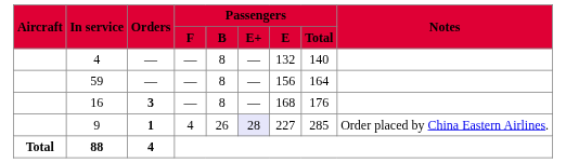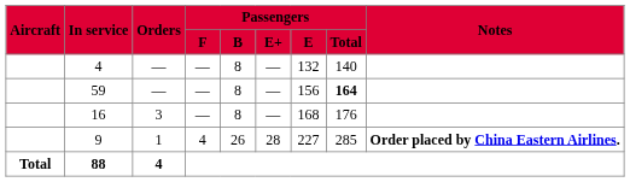 <table class="toccolours" border="1" cellpadding="4" style="border-collapse:collapse;text-align:center;margin:auto;">
 <tr bgcolor=#DF0035>
 <th rowspan="2"><span>Aircraft</span></th>
 <th rowspan="2"><span>In service</span></th>
 <th rowspan="2"><span>Orders</span></th>
 <th colspan="5"><span>Passengers</span></th>
 <th rowspan="2"><span>Notes</span></th>
 </tr>
 <tr bgcolor=#DF0035>
 <th style="width:30px;"><abbr><span>F</span></abbr></th>
 <th style="width:30px;"><abbr><span>B</span></abbr></th>
 <th style="width:30px;"><abbr><span>E+</span></abbr></th>
 <th style="width:30px;"><abbr><span>E</span></abbr></th>
 <th style="width:30px;"><span>Total</span></th>
 </tr>
 <tr>
 <td></td>
 <td>4</td>
 <td>—</td>
 <td>—</td>
 <td>8</td>
 <td>—</td>
 <td>132</td>
 <td>140</td>
 <td></td>
 </tr>
 <tr>
 <td></td>
 <td>59</td>
 <td>—</td>
 <td>—</td>
 <td>8</td>
 <td>—</td>
 <td>156</td>
-<td>164</td>
+<td><strong>164</strong></td>
 <td></td>
 </tr>
 <tr>
 <td></td>
 <td>16</td>
-<td><strong>3</strong></td>
+<td>3</td>
 <td>—</td>
 <td>8</td>
 <td>—</td>
 <td>168</td>
 <td>176</td>
 <td></td>
 </tr>
 <tr>
 <td></td>
 <td>9</td>
-<td><strong>1</strong></td>
+<td>1</td>
 <td>4</td>
 <td>26</td>
-<td style="background: lavender;">28</td>
+<td>28</td>
 <td>227</td>
 <td>285</td>
-<td>Order placed by <a href='#'>China Eastern Airlines</a>.</td>
+<td><strong>Order placed by <a href='#'>China Eastern Airlines</a>.</strong></td>
 </tr>
 <tr>
 <th>Total</th>
 <th>88</th>
 <th>4</th>
 <th colspan="6"></th>
 </tr>
 </table>
